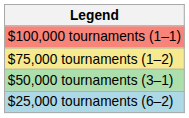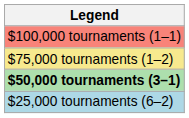 <table class="wikitable" style="font-size:85%">
 <tr>
 <th>Legend</th>
 </tr>
 <tr style="background:#f88379;">
 <td>$100,000 tournaments (1–1)</td>
 </tr>
 <tr style="background:#f7e98e;">
 <td>$75,000 tournaments (1–2)</td>
 </tr>
 <tr style="background:#addfad;">
-<td>$50,000 tournaments (3–1)</td>
+<td><strong>$50,000 tournaments (3–1)</strong></td>
 </tr>
 <tr style="background:lightblue;">
 <td>$25,000 tournaments (6–2)</td>
 </tr>
 </table>
